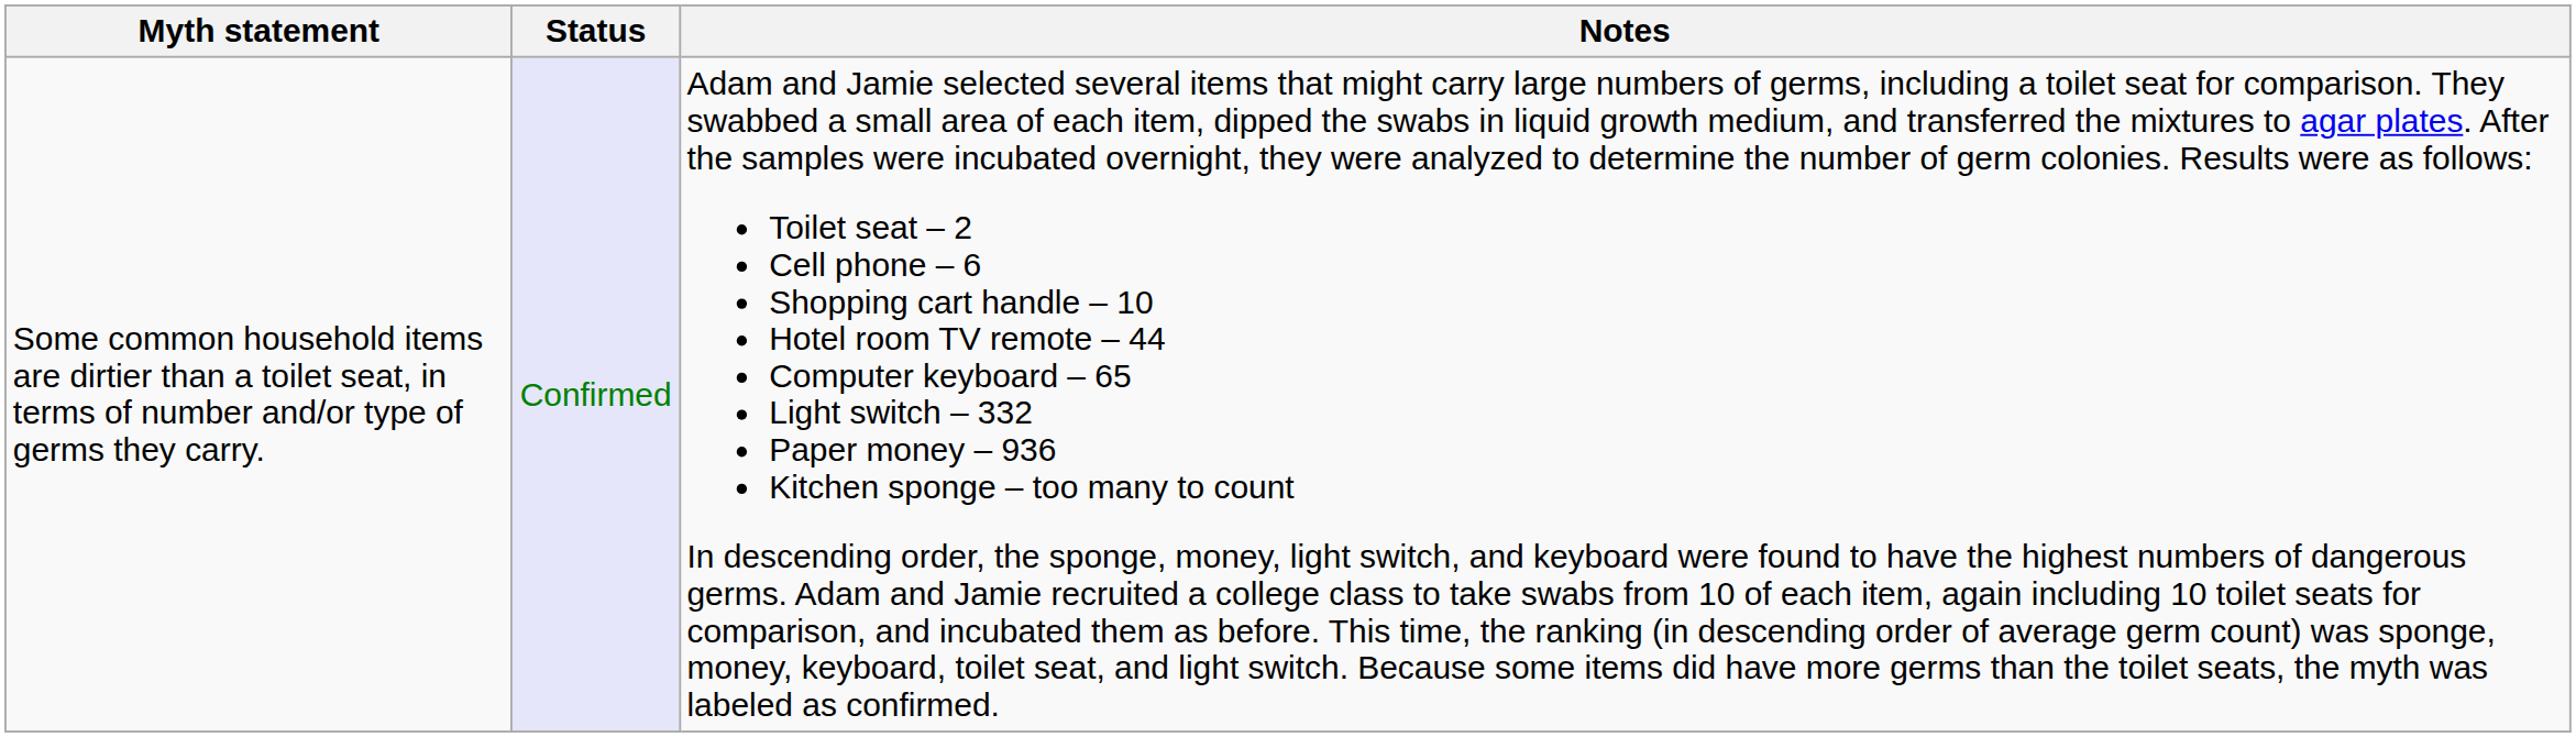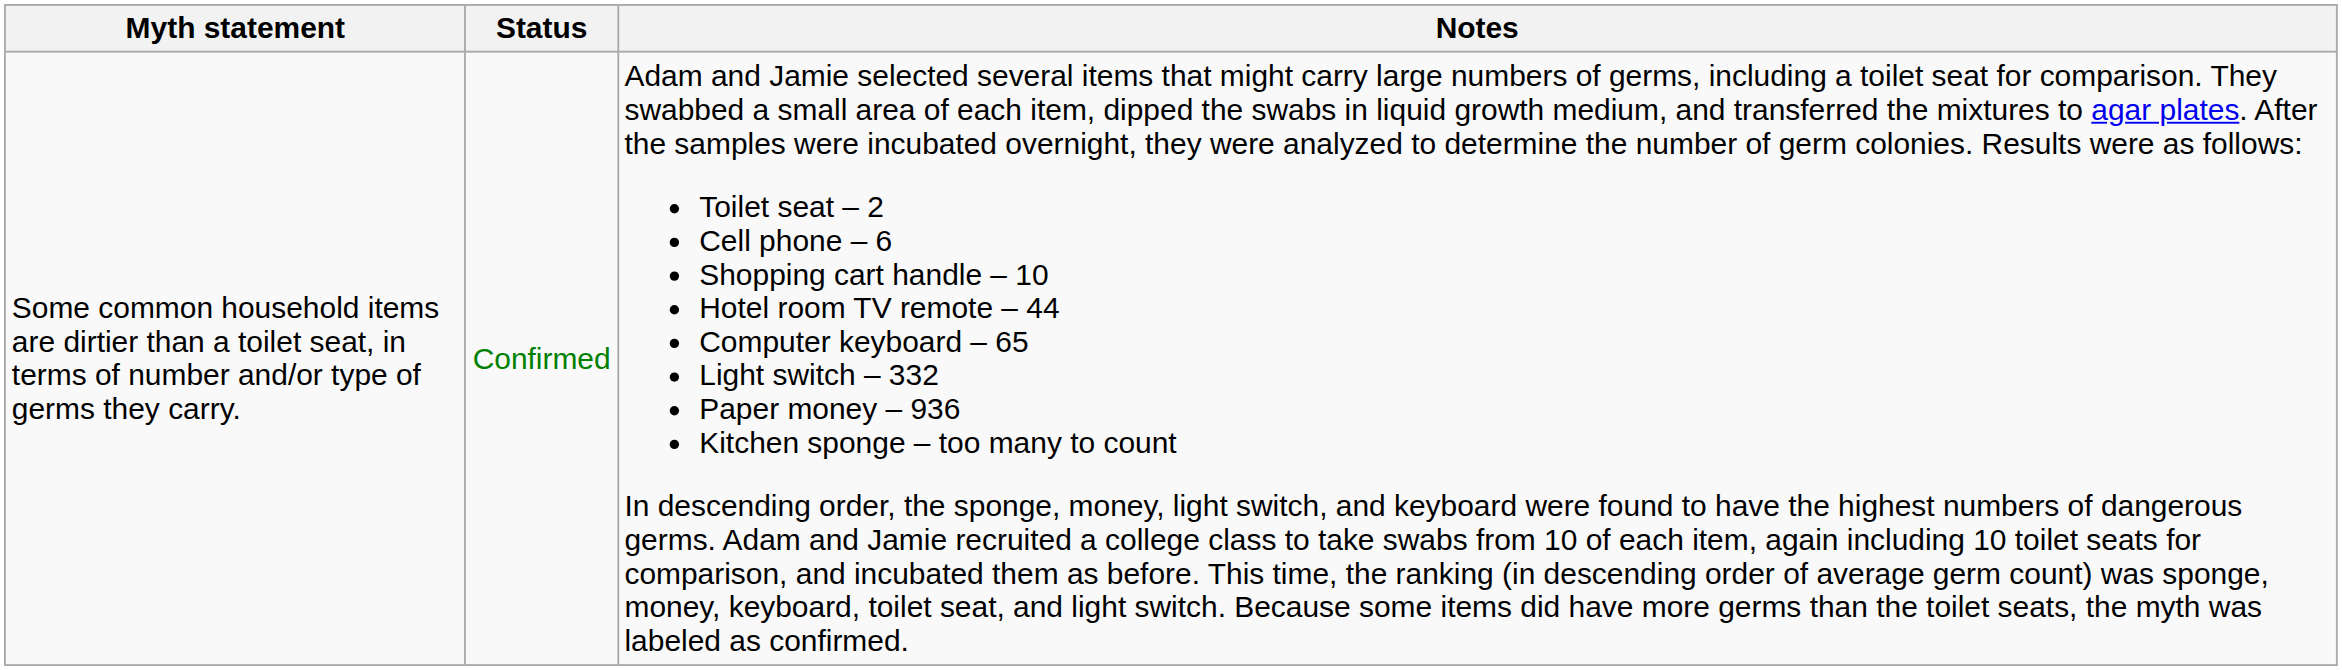 <table class="wikitable plainrowheaders">
 <tr>
 <th>Myth statement</th>
 <th>Status</th>
 <th>Notes</th>
 </tr>
 <tr>
 <td>Some common household items are dirtier than a toilet seat, in terms of number and/or type of germs they carry.</td>
-<td style="background: lavender; color:green">Confirmed</td>
+<td style="color:green">Confirmed</td>
 <td>Adam and Jamie selected several items that might carry large numbers of germs, including a toilet seat for comparison. They swabbed a small area of each item, dipped the swabs in liquid growth medium, and transferred the mixtures to <a href='#'>agar plates</a>. After the samples were incubated overnight, they were analyzed to determine the number of germ colonies. Results were as follows:<br><ul><li>Toilet seat – 2</li><li>Cell phone – 6</li><li>Shopping cart handle – 10</li><li>Hotel room TV remote – 44</li><li>Computer keyboard – 65</li><li>Light switch – 332</li><li>Paper money – 936</li><li>Kitchen sponge – too many to count</li></ul>In descending order, the sponge, money, light switch, and keyboard were found to have the highest numbers of dangerous germs. Adam and Jamie recruited a college class to take swabs from 10 of each item, again including 10 toilet seats for comparison, and incubated them as before. This time, the ranking (in descending order of average germ count) was sponge, money, keyboard, toilet seat, and light switch. Because some items did have more germs than the toilet seats, the myth was labeled as confirmed.</td>
 </tr>
 </table>
